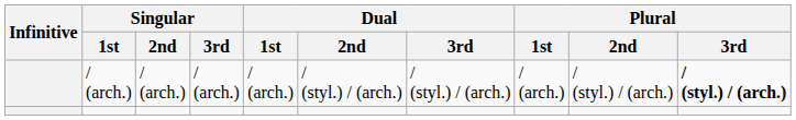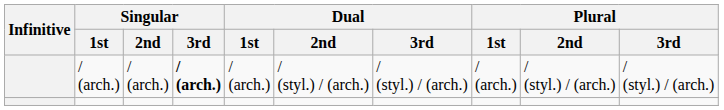 <table class="wikitable">
 <tr>
 <th rowspan="2">Infinitive</th>
 <th colspan="3">Singular</th>
 <th colspan="3">Dual</th>
 <th colspan="3">Plural</th>
 </tr>
 <tr>
 <th>1st</th>
 <th>2nd</th>
 <th>3rd</th>
 <th>1st</th>
 <th>2nd</th>
 <th>3rd</th>
 <th>1st</th>
 <th>2nd</th>
 <th>3rd</th>
 </tr>
 <tr>
 <th></th>
 <td> /<br> (arch.)</td>
 <td> /<br> (arch.)</td>
-<td> /<br> (arch.)</td>
+<td><strong> /<br> (arch.)</strong></td>
 <td> /<br> (arch.)</td>
 <td> /<br> (styl.) /  (arch.)</td>
 <td> /<br> (styl.) /  (arch.)</td>
 <td> /<br> (arch.)</td>
 <td> /<br> (styl.) /  (arch.)</td>
-<td><strong> /<br> (styl.) /  (arch.)</strong></td>
+<td> /<br> (styl.) /  (arch.)</td>
 </tr>
 <tr>
 <th></th>
 <td></td>
 <td></td>
 <td></td>
 <td></td>
 <td></td>
 <td></td>
 <td></td>
 <td></td>
 <td></td>
 </tr>
 </table>
